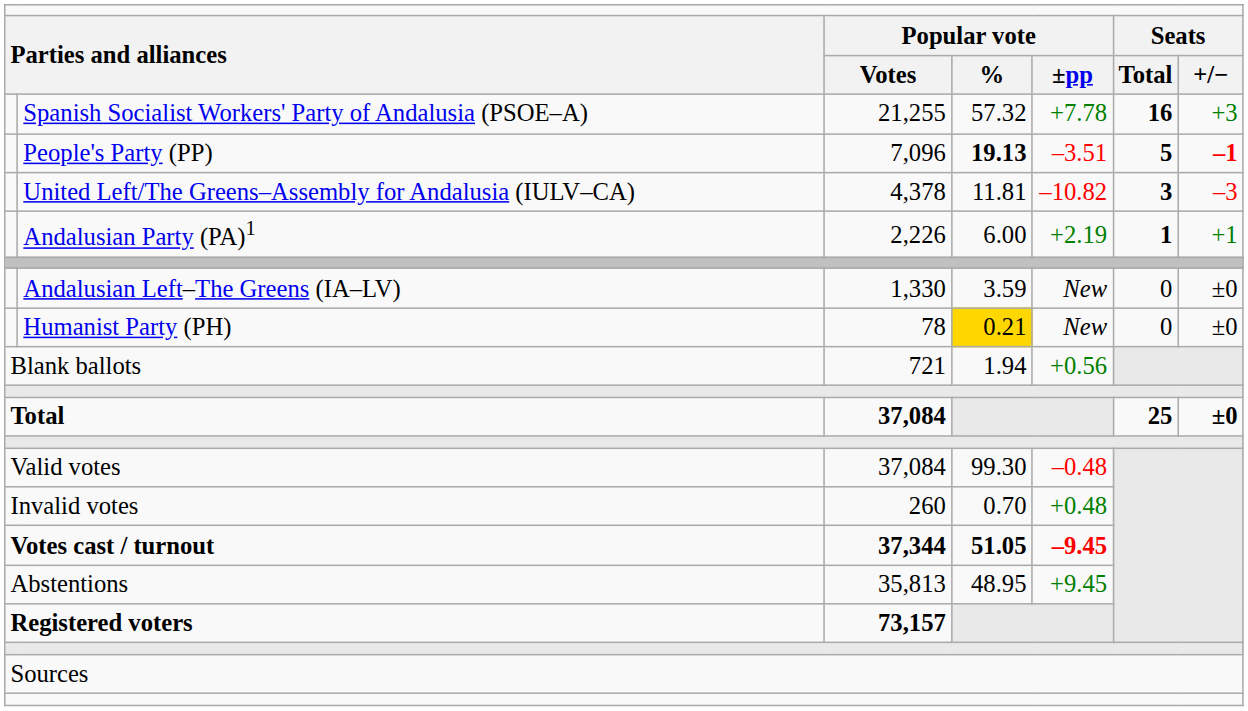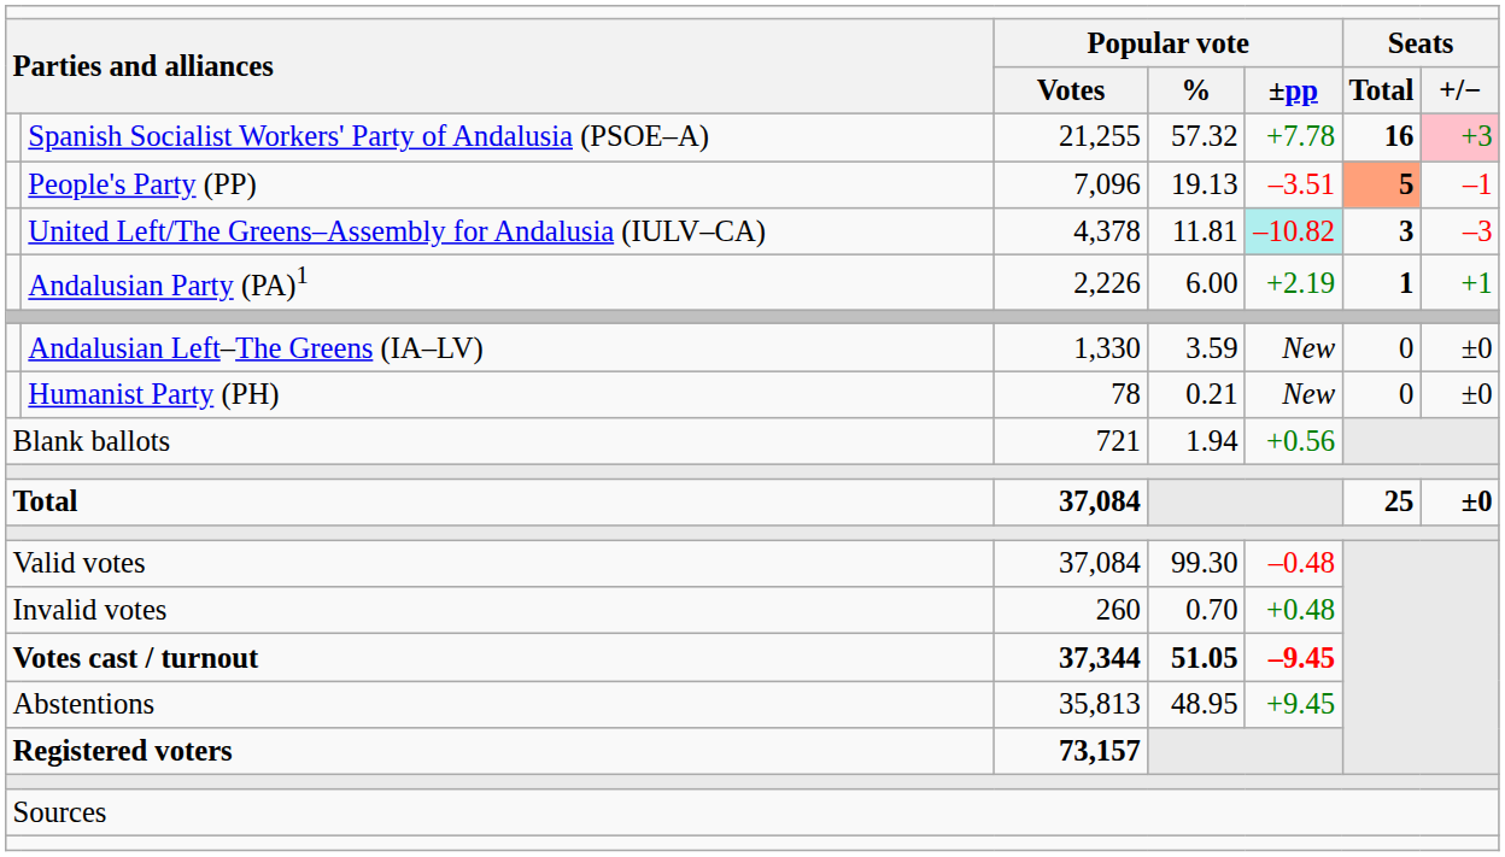 <table class="wikitable" style="text-align:right;">
 <tr>
 <td colspan="7"></td>
 </tr>
 <tr>
 <th style="text-align:left;" rowspan="2" colspan="2" width="525">Parties and alliances</th>
 <th colspan="3">Popular vote</th>
 <th colspan="2">Seats</th>
 </tr>
 <tr>
 <th width="75">Votes</th>
 <th width="45">%</th>
 <th width="45">±<a href='#'>pp</a></th>
 <th width="35">Total</th>
 <th width="35">+/−</th>
 </tr>
 <tr>
 <td width="1" style="color:inherit;background:"></td>
 <td align="left"><a href='#'>Spanish Socialist Workers' Party of Andalusia</a> (PSOE–A)</td>
 <td>21,255</td>
 <td>57.32</td>
 <td style="color:green;">+7.78</td>
 <td><strong>16</strong></td>
-<td style="color:green;">+3</td>
+<td style="background: pink; color:green;">+3</td>
 </tr>
 <tr>
 <td style="color:inherit;background:"></td>
 <td align="left"><a href='#'>People's Party</a> (PP)</td>
 <td>7,096</td>
-<td><strong>19.13</strong></td>
+<td>19.13</td>
 <td style="color:red;">–3.51</td>
-<td><strong>5</strong></td>
-<td style="color:red;"><strong>–1</strong></td>
+<td style="background: lightsalmon;"><strong>5</strong></td>
+<td style="color:red;">–1</td>
 </tr>
 <tr>
 <td style="color:inherit;background:"></td>
 <td align="left"><a href='#'>United Left/The Greens–Assembly for Andalusia</a> (IULV–CA)</td>
 <td>4,378</td>
 <td>11.81</td>
-<td style="color:red;">–10.82</td>
+<td style="background: paleturquoise; color:red;">–10.82</td>
 <td><strong>3</strong></td>
 <td style="color:red;">–3</td>
 </tr>
 <tr>
 <td style="color:inherit;background:"></td>
 <td align="left"><a href='#'>Andalusian Party</a> (PA)<sup>1</sup></td>
 <td>2,226</td>
 <td>6.00</td>
 <td style="color:green;">+2.19</td>
 <td><strong>1</strong></td>
 <td style="color:green;">+1</td>
 </tr>
 <tr>
 <td colspan="7" bgcolor="#C0C0C0"></td>
 </tr>
 <tr>
 <td style="color:inherit;background:"></td>
 <td align="left"><a href='#'>Andalusian Left</a>–<a href='#'>The Greens</a> (IA–LV)</td>
 <td>1,330</td>
 <td>3.59</td>
 <td><em>New</em></td>
 <td>0</td>
 <td>±0</td>
 </tr>
 <tr>
 <td style="color:inherit;background:"></td>
 <td align="left"><a href='#'>Humanist Party</a> (PH)</td>
 <td>78</td>
-<td style="background: gold;">0.21</td>
+<td>0.21</td>
 <td><em>New</em></td>
 <td>0</td>
 <td>±0</td>
 </tr>
 <tr>
 <td align="left" colspan="2">Blank ballots</td>
 <td>721</td>
 <td>1.94</td>
 <td style="color:green;">+0.56</td>
 <td bgcolor="#E9E9E9" colspan="2"></td>
 </tr>
 <tr>
 <td colspan="7" bgcolor="#E9E9E9"></td>
 </tr>
 <tr style="font-weight:bold;">
 <td align="left" colspan="2">Total</td>
 <td>37,084</td>
 <td bgcolor="#E9E9E9" colspan="2"></td>
 <td>25</td>
 <td>±0</td>
 </tr>
 <tr>
 <td colspan="7" bgcolor="#E9E9E9"></td>
 </tr>
 <tr>
 <td align="left" colspan="2">Valid votes</td>
 <td>37,084</td>
 <td>99.30</td>
 <td style="color:red;">–0.48</td>
 <td bgcolor="#E9E9E9" colspan="2" rowspan="5"></td>
 </tr>
 <tr>
 <td align="left" colspan="2">Invalid votes</td>
 <td>260</td>
 <td>0.70</td>
 <td style="color:green;">+0.48</td>
 </tr>
 <tr style="font-weight:bold;">
 <td align="left" colspan="2">Votes cast / turnout</td>
 <td>37,344</td>
 <td>51.05</td>
 <td style="color:red;">–9.45</td>
 </tr>
 <tr>
 <td align="left" colspan="2">Abstentions</td>
 <td>35,813</td>
 <td>48.95</td>
 <td style="color:green;">+9.45</td>
 </tr>
 <tr style="font-weight:bold;">
 <td align="left" colspan="2">Registered voters</td>
 <td>73,157</td>
 <td bgcolor="#E9E9E9" colspan="2"></td>
 </tr>
 <tr>
 <td colspan="7" bgcolor="#E9E9E9"></td>
 </tr>
 <tr>
 <td align="left" colspan="7">Sources</td>
 </tr>
 <tr>
 <td colspan="7" style="text-align:left; max-width:790px;"></td>
 </tr>
 </table>
